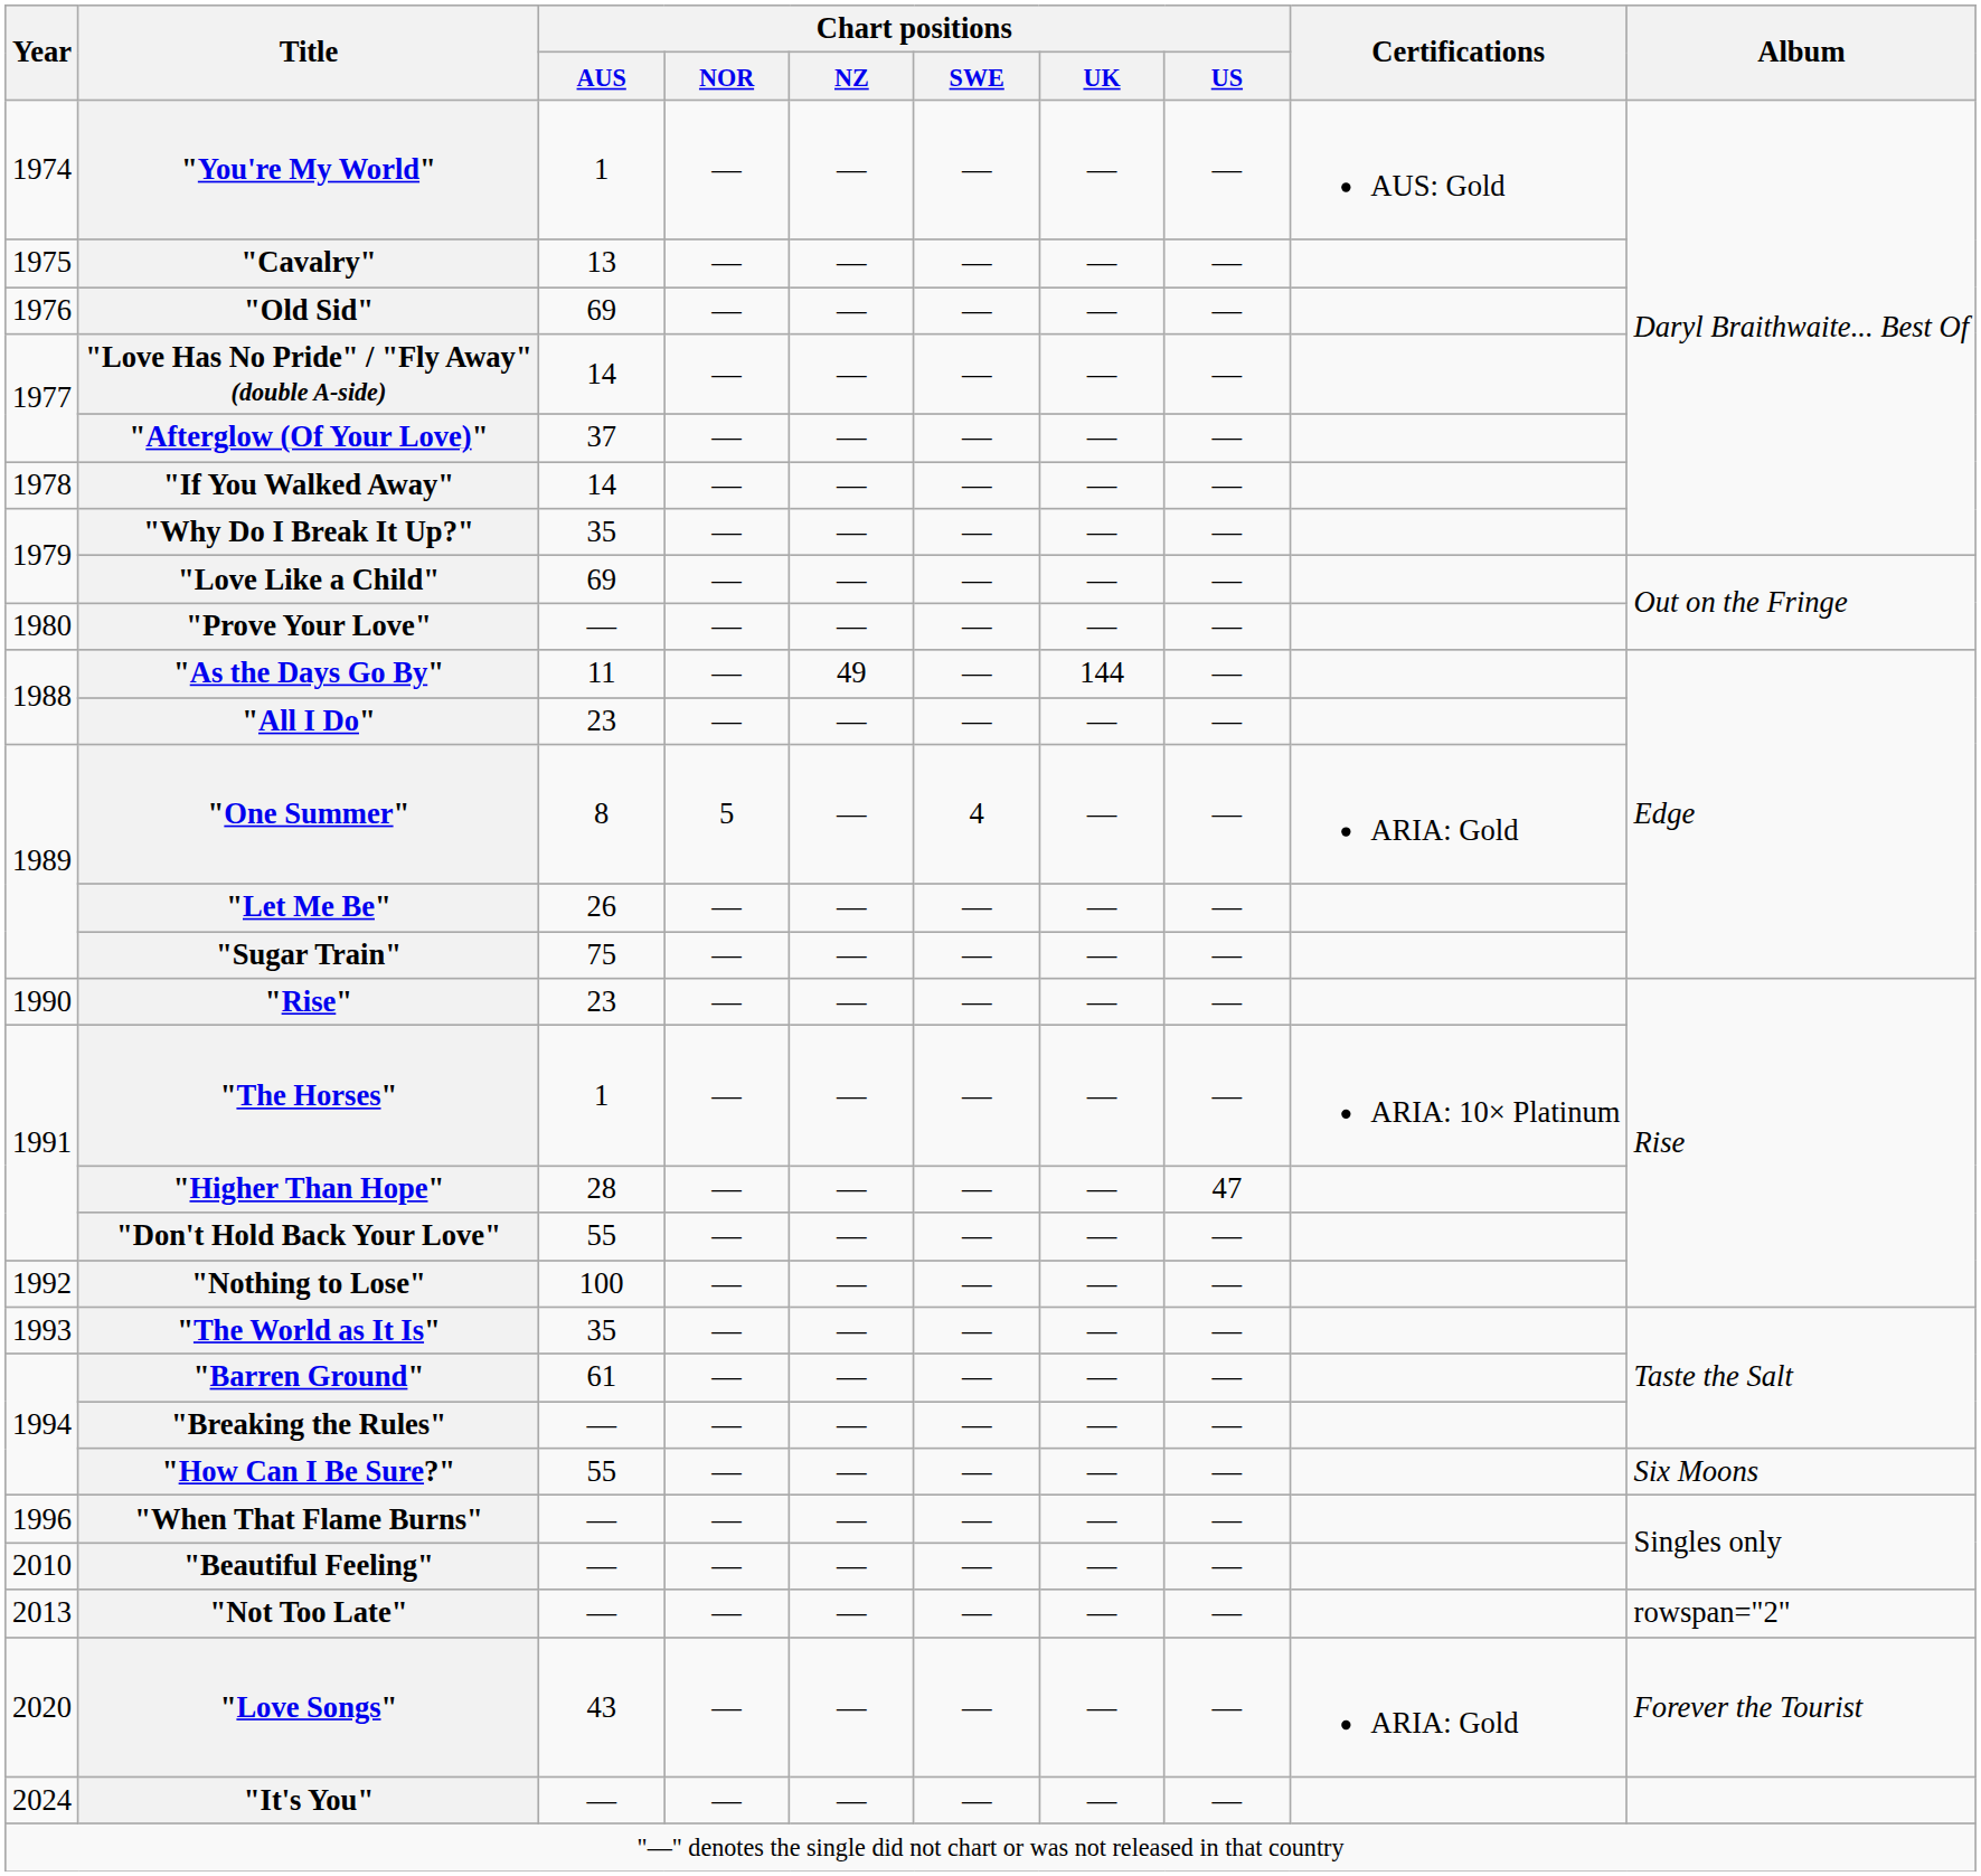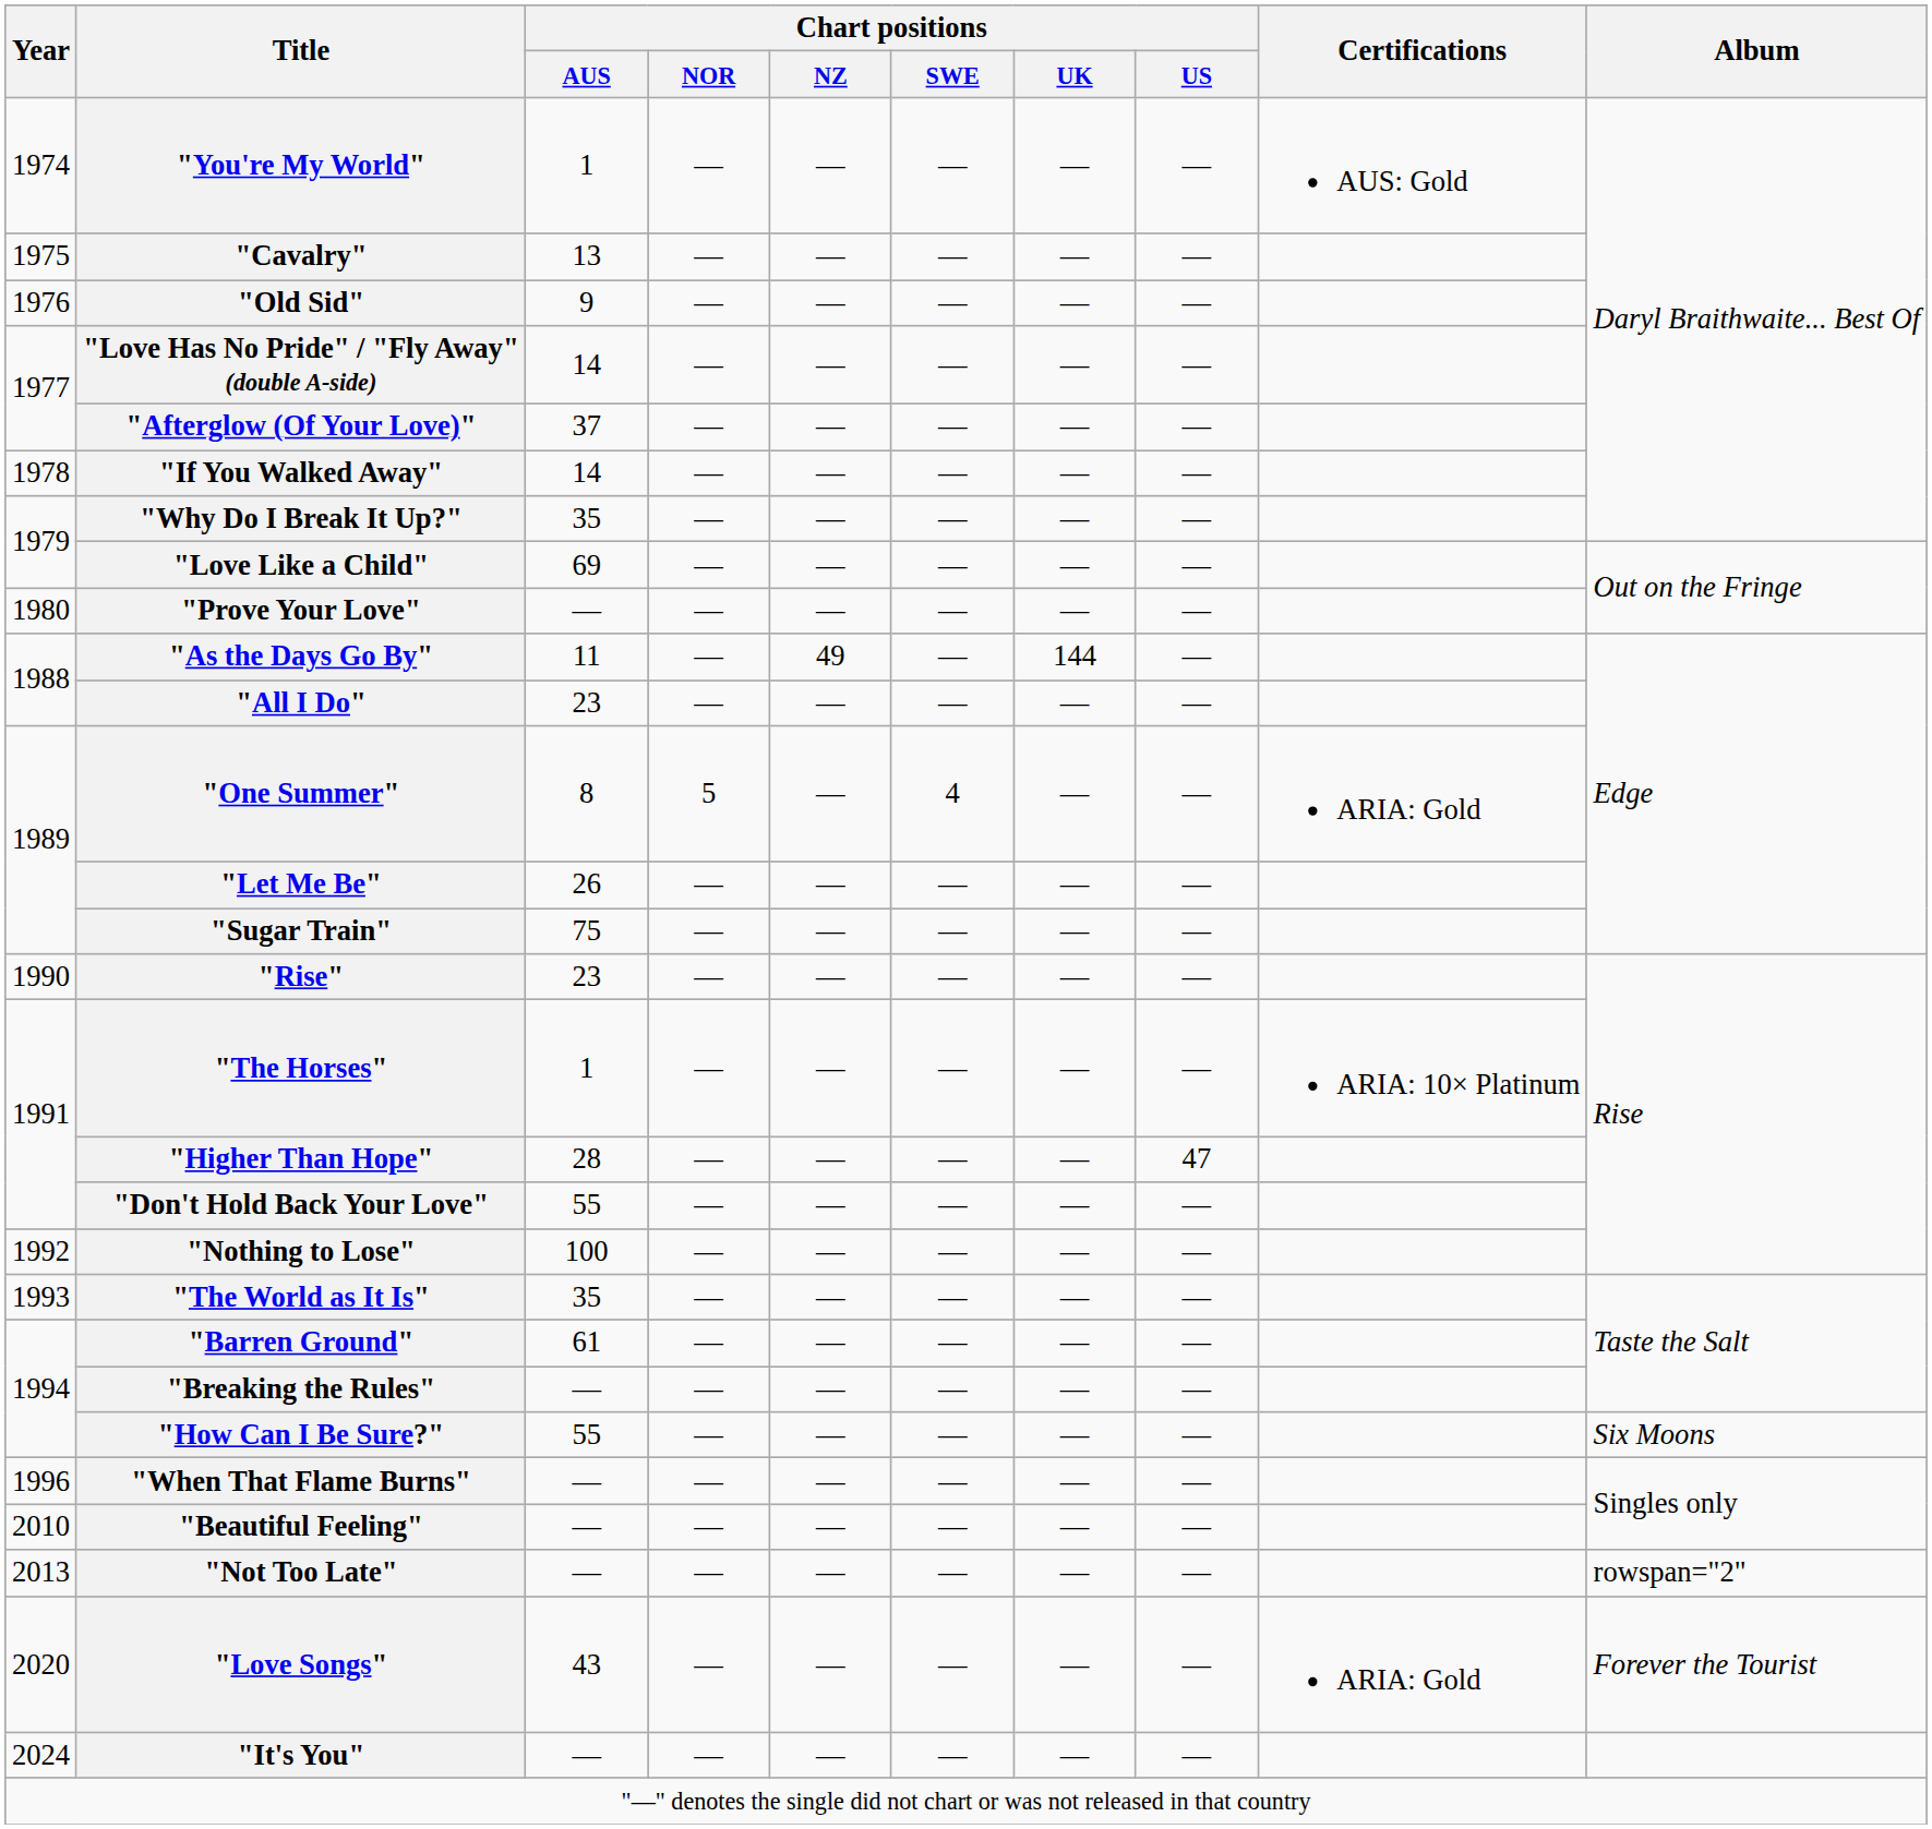 <table class="wikitable plainrowheaders">
 <tr>
 <th scope="col" rowspan="2">Year</th>
 <th scope="col" rowspan="2">Title</th>
 <th scope="col" colspan="6">Chart positions</th>
 <th scope="col" rowspan="2">Certifications</th>
 <th scope="col" rowspan="2">Album</th>
 </tr>
 <tr>
 <th scope="col" width="60"><small><a href='#'>AUS</a></small><br></th>
 <th scope="col" width="60"><small><a href='#'>NOR</a></small><br></th>
 <th scope="col" width="60"><small><a href='#'>NZ</a></small><br></th>
 <th scope="col" width="60"><small><a href='#'>SWE</a></small><br></th>
 <th scope="col" width="60"><small><a href='#'>UK</a></small><br></th>
 <th scope="col" width="60"><small><a href='#'>US</a></small><br></th>
 </tr>
 <tr>
 <td>1974</td>
 <th scope="row">"<a href='#'>You're My World</a>"</th>
 <td align="center">1</td>
 <td align="center">—</td>
 <td align="center">—</td>
 <td align="center">—</td>
 <td align="center">—</td>
 <td align="center">—</td>
 <td><br><ul><li>AUS: Gold</li></ul></td>
 <td rowspan="7"><em>Daryl Braithwaite... Best Of</em></td>
 </tr>
 <tr>
 <td>1975</td>
 <th scope="row">"Cavalry"</th>
 <td align="center">13</td>
 <td align="center">—</td>
 <td align="center">—</td>
 <td align="center">—</td>
 <td align="center">—</td>
 <td align="center">—</td>
 <td></td>
 </tr>
 <tr>
 <td>1976</td>
 <th scope="row">"Old Sid"</th>
-<td align="center">69</td>
+<td align="center">9</td>
 <td align="center">—</td>
 <td align="center">—</td>
 <td align="center">—</td>
 <td align="center">—</td>
 <td align="center">—</td>
 <td></td>
 </tr>
 <tr>
 <td rowspan="2">1977</td>
 <th scope="row">"Love Has No Pride" / "Fly Away"<br><small><em>(double A-side)</em></small></th>
 <td align="center">14</td>
 <td align="center">—</td>
 <td align="center">—</td>
 <td align="center">—</td>
 <td align="center">—</td>
 <td align="center">—</td>
 <td></td>
 </tr>
 <tr>
 <th scope="row">"<a href='#'>Afterglow (Of Your Love)</a>"</th>
 <td align="center">37</td>
 <td align="center">—</td>
 <td align="center">—</td>
 <td align="center">—</td>
 <td align="center">—</td>
 <td align="center">—</td>
 <td></td>
 </tr>
 <tr>
 <td>1978</td>
 <th scope="row">"If You Walked Away"</th>
 <td align="center">14</td>
 <td align="center">—</td>
 <td align="center">—</td>
 <td align="center">—</td>
 <td align="center">—</td>
 <td align="center">—</td>
 <td></td>
 </tr>
 <tr>
 <td rowspan="2">1979</td>
 <th scope="row">"Why Do I Break It Up?"</th>
 <td align="center">35</td>
 <td align="center">—</td>
 <td align="center">—</td>
 <td align="center">—</td>
 <td align="center">—</td>
 <td align="center">—</td>
 <td></td>
 </tr>
 <tr>
 <th scope="row">"Love Like a Child"</th>
 <td align="center">69</td>
 <td align="center">—</td>
 <td align="center">—</td>
 <td align="center">—</td>
 <td align="center">—</td>
 <td align="center">—</td>
 <td></td>
 <td rowspan="2"><em>Out on the Fringe</em></td>
 </tr>
 <tr>
 <td>1980</td>
 <th scope="row">"Prove Your Love"</th>
 <td align="center">—</td>
 <td align="center">—</td>
 <td align="center">—</td>
 <td align="center">—</td>
 <td align="center">—</td>
 <td align="center">—</td>
 <td></td>
 </tr>
 <tr>
 <td rowspan="2">1988</td>
 <th scope="row">"<a href='#'>As the Days Go By</a>"</th>
 <td align="center">11</td>
 <td align="center">—</td>
 <td align="center">49</td>
 <td align="center">—</td>
 <td align="center">144</td>
 <td align="center">—</td>
 <td></td>
 <td rowspan="5"><em>Edge</em></td>
 </tr>
 <tr>
 <th scope="row">"<a href='#'>All I Do</a>"</th>
 <td align="center">23</td>
 <td align="center">—</td>
 <td align="center">—</td>
 <td align="center">—</td>
 <td align="center">—</td>
 <td align="center">—</td>
 <td></td>
 </tr>
 <tr>
 <td rowspan="3">1989</td>
 <th scope="row">"<a href='#'>One Summer</a>"</th>
 <td align="center">8</td>
 <td align="center">5</td>
 <td align="center">—</td>
 <td align="center">4</td>
 <td align="center">—</td>
 <td align="center">—</td>
 <td><br><ul><li>ARIA: Gold</li></ul></td>
 </tr>
 <tr>
 <th scope="row">"<a href='#'>Let Me Be</a>"</th>
 <td align="center">26</td>
 <td align="center">—</td>
 <td align="center">—</td>
 <td align="center">—</td>
 <td align="center">—</td>
 <td align="center">—</td>
 <td></td>
 </tr>
 <tr>
 <th scope="row">"Sugar Train"</th>
 <td align="center">75</td>
 <td align="center">—</td>
 <td align="center">—</td>
 <td align="center">—</td>
 <td align="center">—</td>
 <td align="center">—</td>
 <td></td>
 </tr>
 <tr>
 <td>1990</td>
 <th scope="row">"<a href='#'>Rise</a>"</th>
 <td align="center">23</td>
 <td align="center">—</td>
 <td align="center">—</td>
 <td align="center">—</td>
 <td align="center">—</td>
 <td align="center">—</td>
 <td></td>
 <td rowspan="5"><em>Rise</em></td>
 </tr>
 <tr>
 <td rowspan="3">1991</td>
 <th scope="row">"<a href='#'>The Horses</a>"</th>
 <td align="center">1</td>
 <td align="center">—</td>
 <td align="center">—</td>
 <td align="center">—</td>
 <td align="center">—</td>
 <td align="center">—</td>
 <td><br><ul><li>ARIA: 10× Platinum</li></ul></td>
 </tr>
 <tr>
 <th scope="row">"<a href='#'>Higher Than Hope</a>"</th>
 <td align="center">28</td>
 <td align="center">—</td>
 <td align="center">—</td>
 <td align="center">—</td>
 <td align="center">—</td>
 <td align="center">47</td>
 <td></td>
 </tr>
 <tr>
 <th scope="row">"Don't Hold Back Your Love"</th>
 <td align="center">55</td>
 <td align="center">—</td>
 <td align="center">—</td>
 <td align="center">—</td>
 <td align="center">—</td>
 <td align="center">—</td>
 <td></td>
 </tr>
 <tr>
 <td>1992</td>
 <th scope="row">"Nothing to Lose"</th>
 <td align="center">100</td>
 <td align="center">—</td>
 <td align="center">—</td>
 <td align="center">—</td>
 <td align="center">—</td>
 <td align="center">—</td>
 <td></td>
 </tr>
 <tr>
 <td>1993</td>
 <th scope="row">"<a href='#'>The World as It Is</a>"</th>
 <td align="center">35</td>
 <td align="center">—</td>
 <td align="center">—</td>
 <td align="center">—</td>
 <td align="center">—</td>
 <td align="center">—</td>
 <td></td>
 <td rowspan="3"><em>Taste the Salt</em></td>
 </tr>
 <tr>
 <td rowspan="3">1994</td>
 <th scope="row">"<a href='#'>Barren Ground</a>"</th>
 <td align="center">61</td>
 <td align="center">—</td>
 <td align="center">—</td>
 <td align="center">—</td>
 <td align="center">—</td>
 <td align="center">—</td>
 <td></td>
 </tr>
 <tr>
 <th scope="row">"Breaking the Rules"</th>
 <td align="center">—</td>
 <td align="center">—</td>
 <td align="center">—</td>
 <td align="center">—</td>
 <td align="center">—</td>
 <td align="center">—</td>
 <td></td>
 </tr>
 <tr>
 <th scope="row">"<a href='#'>How Can I Be Sure</a>?"</th>
 <td align="center">55</td>
 <td align="center">—</td>
 <td align="center">—</td>
 <td align="center">—</td>
 <td align="center">—</td>
 <td align="center">—</td>
 <td></td>
 <td><em>Six Moons</em></td>
 </tr>
 <tr>
 <td>1996</td>
 <th scope="row">"When That Flame Burns"<br></th>
 <td align="center">—</td>
 <td align="center">—</td>
 <td align="center">—</td>
 <td align="center">—</td>
 <td align="center">—</td>
 <td align="center">—</td>
 <td></td>
 <td rowspan="2">Singles only</td>
 </tr>
 <tr>
 <td>2010</td>
 <th scope="row">"Beautiful Feeling"</th>
 <td align="center">—</td>
 <td align="center">—</td>
 <td align="center">—</td>
 <td align="center">—</td>
 <td align="center">—</td>
 <td align="center">—</td>
 <td></td>
 </tr>
 <tr>
 <td>2013</td>
 <th scope="row">"Not Too Late"</th>
 <td align="center">—</td>
 <td align="center">—</td>
 <td align="center">—</td>
 <td align="center">—</td>
 <td align="center">—</td>
 <td align="center">—</td>
 <td></td>
 <td>rowspan="2" </td>
 </tr>
 <tr>
 <td>2020</td>
 <th scope="row">"<a href='#'>Love Songs</a>"</th>
 <td align="center">43</td>
 <td align="center">—</td>
 <td align="center">—</td>
 <td align="center">—</td>
 <td align="center">—</td>
 <td align="center">—</td>
 <td><br><ul><li>ARIA: Gold</li></ul></td>
 <td><em>Forever the Tourist</em></td>
 </tr>
 <tr>
 <td>2024</td>
 <th scope="row">"It's You"</th>
 <td align="center">—</td>
 <td align="center">—</td>
 <td align="center">—</td>
 <td align="center">—</td>
 <td align="center">—</td>
 <td align="center">—</td>
 <td></td>
 </tr>
 <tr>
 <td align="center" colspan="14"><small>"—" denotes the single did not chart or was not released in that country</small></td>
 </tr>
 </table>
